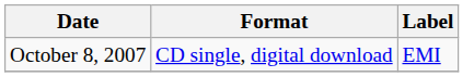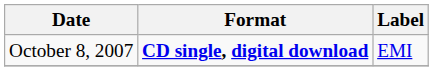 <table class="wikitable">
 <tr>
 <th>Date</th>
 <th>Format</th>
 <th>Label</th>
 </tr>
 <tr>
 <td>October 8, 2007</td>
-<td><a href='#'>CD single</a>, <a href='#'>digital download</a></td>
+<td><strong><a href='#'>CD single</a>, <a href='#'>digital download</a></strong></td>
 <td><a href='#'>EMI</a></td>
 </tr>
 <tr>
 </tr>
 </table>
